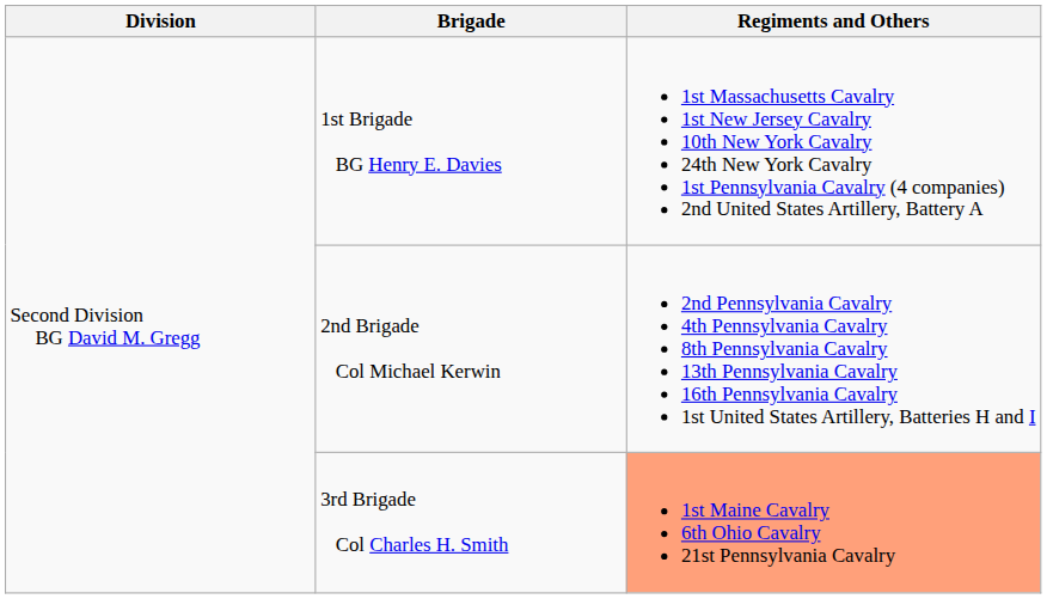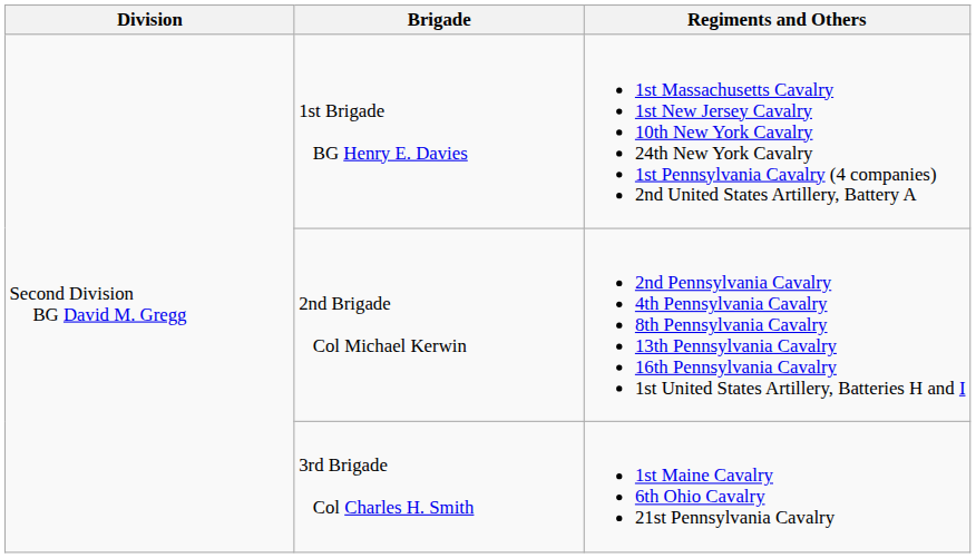 <table class="wikitable">
 <tr>
 <th width=30%>Division</th>
 <th width=30%>Brigade</th>
 <th>Regiments and Others</th>
 </tr>
 <tr>
 <td rowspan=3><br>Second Division <br>     BG <a href='#'>David M. Gregg</a></td>
 <td>1st Brigade<br><br>   BG <a href='#'>Henry E. Davies</a></td>
 <td><br><ul><li><a href='#'>1st Massachusetts Cavalry</a></li><li><a href='#'>1st New Jersey Cavalry</a></li><li><a href='#'>10th New York Cavalry</a></li><li>24th New York Cavalry</li><li><a href='#'>1st Pennsylvania Cavalry</a> (4 companies)</li><li>2nd United States Artillery, Battery A</li></ul></td>
 </tr>
 <tr>
 <td>2nd Brigade<br><br>   Col Michael Kerwin</td>
 <td><br><ul><li><a href='#'>2nd Pennsylvania Cavalry</a></li><li><a href='#'>4th Pennsylvania Cavalry</a></li><li><a href='#'>8th Pennsylvania Cavalry</a></li><li><a href='#'>13th Pennsylvania Cavalry</a></li><li><a href='#'>16th Pennsylvania Cavalry</a></li><li>1st United States Artillery, Batteries H and <a href='#'>I</a></li></ul></td>
 </tr>
 <tr>
 <td>3rd Brigade<br><br>   Col <a href='#'>Charles H. Smith</a></td>
-<td style="background: lightsalmon;"><br><ul><li><a href='#'>1st Maine Cavalry</a></li><li><a href='#'>6th Ohio Cavalry</a></li><li>21st Pennsylvania Cavalry</li></ul></td>
+<td><br><ul><li><a href='#'>1st Maine Cavalry</a></li><li><a href='#'>6th Ohio Cavalry</a></li><li>21st Pennsylvania Cavalry</li></ul></td>
 </tr>
 </table>
